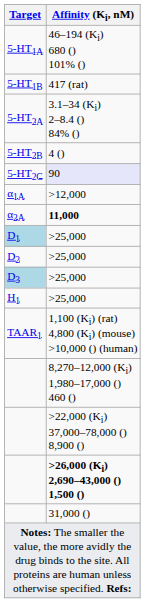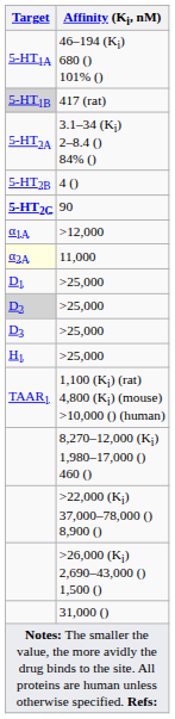 <table class="wikitable floatright" style="font-size:small;">
 <tr>
 <th><a href='#'>Target</a></th>
 <th><a href='#'>Affinity</a> (K<sub>i</sub>, nM)</th>
 </tr>
 <tr>
 <td><a href='#'>5-HT<sub>1A</sub></a></td>
 <td>46–194 (K<sub>i</sub>)<br>680 ()<br>101% ()</td>
 </tr>
 <tr>
-<td><a href='#'>5-HT<sub>1B</sub></a></td>
+<td style="background: lightgrey;"><a href='#'>5-HT<sub>1B</sub></a></td>
 <td>417 (rat)</td>
 </tr>
 <tr>
 <td><a href='#'>5-HT<sub>2A</sub></a></td>
 <td>3.1–34 (K<sub>i</sub>)<br>2–8.4 ()<br>84% ()</td>
 </tr>
 <tr>
 <td><a href='#'>5-HT<sub>2B</sub></a></td>
 <td>4 ()</td>
 </tr>
 <tr>
-<td><a href='#'>5-HT<sub>2C</sub></a></td>
-<td style="background: lavender;">90</td>
+<td><strong><a href='#'>5-HT<sub>2C</sub></a></strong></td>
+<td>90</td>
 </tr>
 <tr>
 <td><a href='#'>α<sub>1A</sub></a></td>
 <td>>12,000</td>
 </tr>
 <tr>
-<td><a href='#'>α<sub>2A</sub></a></td>
-<td><strong>11,000</strong></td>
+<td style="background: lightyellow;"><a href='#'>α<sub>2A</sub></a></td>
+<td>11,000</td>
 </tr>
 <tr>
-<td style="background: lightblue;"><a href='#'>D<sub>1</sub></a></td>
+<td><a href='#'>D<sub>1</sub></a></td>
 <td>>25,000</td>
 </tr>
 <tr>
-<td><a href='#'>D<sub>2</sub></a></td>
+<td style="background: lightgrey;"><a href='#'>D<sub>2</sub></a></td>
 <td>>25,000</td>
 </tr>
 <tr>
-<td style="background: lightblue;"><a href='#'>D<sub>3</sub></a></td>
+<td><a href='#'>D<sub>3</sub></a></td>
 <td>>25,000</td>
 </tr>
 <tr>
 <td><a href='#'>H<sub>1</sub></a></td>
 <td>>25,000</td>
 </tr>
 <tr>
 <td><a href='#'>TAAR<sub>1</sub></a></td>
 <td>1,100 (K<sub>i</sub>) (rat)<br>4,800 (K<sub>i</sub>) (mouse)<br>>10,000 () (human)</td>
 </tr>
 <tr>
 <td></td>
 <td>8,270–12,000 (K<sub>i</sub>)<br>1,980–17,000 ()<br>460 ()</td>
 </tr>
 <tr>
 <td></td>
 <td>>22,000 (K<sub>i</sub>)<br>37,000–78,000 ()<br>8,900 ()</td>
 </tr>
 <tr>
 <td></td>
-<td><strong>>26,000 (K<sub>i</sub>)<br>2,690–43,000 ()<br>1,500 ()</strong></td>
+<td>>26,000 (K<sub>i</sub>)<br>2,690–43,000 ()<br>1,500 ()</td>
 </tr>
 <tr>
 <td></td>
 <td>31,000 ()</td>
 </tr>
 <tr class="sortbottom">
 <td colspan="2" style="width: 1px; background-color:#eaecf0; text-align: center;"><strong>Notes:</strong> The smaller the value, the more avidly the drug binds to the site. All proteins are human unless otherwise specified. <strong>Refs:</strong> </td>
 </tr>
 </table>
